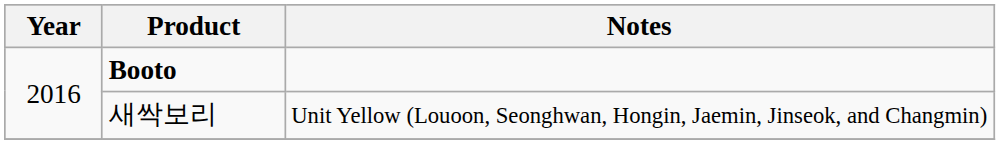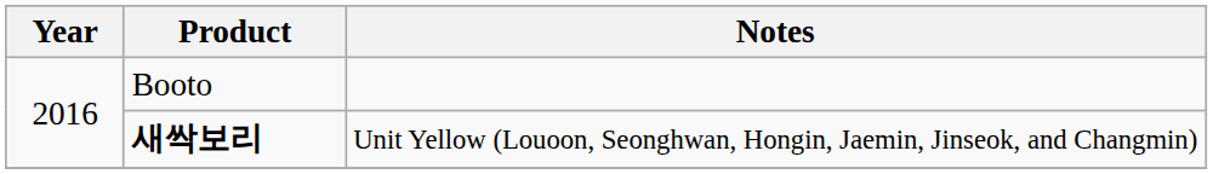 <table class="wikitable">
 <tr>
 <th width="50px">Year</th>
 <th width="100px">Product</th>
 <th>Notes</th>
 </tr>
 <tr>
 <td style="text-align:center" rowspan="2">2016</td>
-<td><strong>Booto</strong></td>
+<td>Booto</td>
 <td></td>
 </tr>
 <tr>
-<td>새싹보리</td>
+<td><strong>새싹보리</strong></td>
 <td align="center"><small>Unit Yellow (Louoon, Seonghwan, Hongin, Jaemin, Jinseok, and Changmin)</small></td>
 </tr>
 <tr>
 </tr>
 </table>
